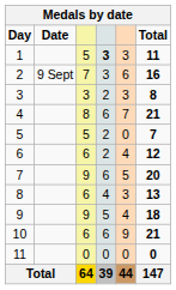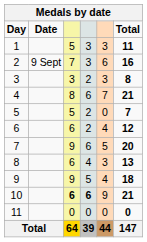 <table class="wikitable" style="font-size:95%">
 <tr style="background:#efefef;">
 <th colspan=6>Medals by date</th>
 </tr>
 <tr style="text-align:center;">
 <td><strong>Day</strong></td>
 <td><strong>Date</strong></td>
 <td style="background:#F7F6A8;"></td>
 <td style="background:#DCE5E5;"></td>
 <td style="background:#FFDAB9;"></td>
 <td><strong>Total</strong></td>
 </tr>
 <tr style="text-align:center;">
 <td>1</td>
 <td></td>
 <td style="background:#F7F6A8;">5</td>
-<td style="background:#DCE5E5;"><strong>3</strong></td>
+<td style="background:#DCE5E5;">3</td>
 <td style="background:#FFDAB9;">3</td>
 <td><strong>11</strong></td>
 </tr>
 <tr style="text-align:center;">
 <td>2</td>
 <td>9 Sept</td>
 <td style="background:#F7F6A8;">7</td>
 <td style="background:#DCE5E5;">3</td>
 <td style="background:#FFDAB9;">6</td>
 <td><strong>16</strong></td>
 </tr>
 <tr style="text-align:center;">
 <td>3</td>
 <td></td>
 <td style="background:#F7F6A8;">3</td>
 <td style="background:#DCE5E5;">2</td>
 <td style="background:#FFDAB9;">3</td>
 <td><strong>8</strong></td>
 </tr>
 <tr style="text-align:center;">
 <td>4</td>
 <td></td>
 <td style="background:#F7F6A8;">8</td>
 <td style="background:#DCE5E5;">6</td>
 <td style="background:#FFDAB9;">7</td>
 <td><strong>21</strong></td>
 </tr>
 <tr style="text-align:center;">
 <td>5</td>
 <td></td>
 <td style="background:#F7F6A8;">5</td>
 <td style="background:#DCE5E5;">2</td>
 <td style="background:#FFDAB9;">0</td>
 <td><strong>7</strong></td>
 </tr>
 <tr style="text-align:center;">
 <td>6</td>
 <td></td>
 <td style="background:#F7F6A8;">6</td>
 <td style="background:#DCE5E5;">2</td>
 <td style="background:#FFDAB9;">4</td>
 <td><strong>12</strong></td>
 </tr>
 <tr style="text-align:center;">
 <td>7</td>
 <td></td>
 <td style="background:#F7F6A8;">9</td>
 <td style="background:#DCE5E5;">6</td>
 <td style="background:#FFDAB9;">5</td>
 <td><strong>20</strong></td>
 </tr>
 <tr style="text-align:center;">
 <td>8</td>
 <td></td>
 <td style="background:#F7F6A8;">6</td>
 <td style="background:#DCE5E5;">4</td>
 <td style="background:#FFDAB9;">3</td>
 <td><strong>13</strong></td>
 </tr>
 <tr style="text-align:center;">
 <td>9</td>
 <td></td>
 <td style="background:#F7F6A8;">9</td>
 <td style="background:#DCE5E5;">5</td>
 <td style="background:#FFDAB9;">4</td>
 <td><strong>18</strong></td>
 </tr>
 <tr style="text-align:center;">
 <td>10</td>
 <td></td>
-<td style="background:#F7F6A8;">6</td>
-<td style="background:#DCE5E5;">6</td>
+<td style="background:#F7F6A8;"><strong>6</strong></td>
+<td style="background:#DCE5E5;"><strong>6</strong></td>
 <td style="background:#FFDAB9;">9</td>
 <td><strong>21</strong></td>
 </tr>
 <tr style="text-align:center;">
 <td>11</td>
 <td></td>
 <td style="background:#F7F6A8;">0</td>
 <td style="background:#DCE5E5;">0</td>
 <td style="background:#FFDAB9;">0</td>
 <td><strong>0</strong></td>
 </tr>
 <tr>
 <th colspan="2">Total</th>
 <th style="background:gold;">64</th>
 <th style="background:silver;">39</th>
 <th style="background:#c96;">44</th>
 <th>147</th>
 </tr>
 </table>
